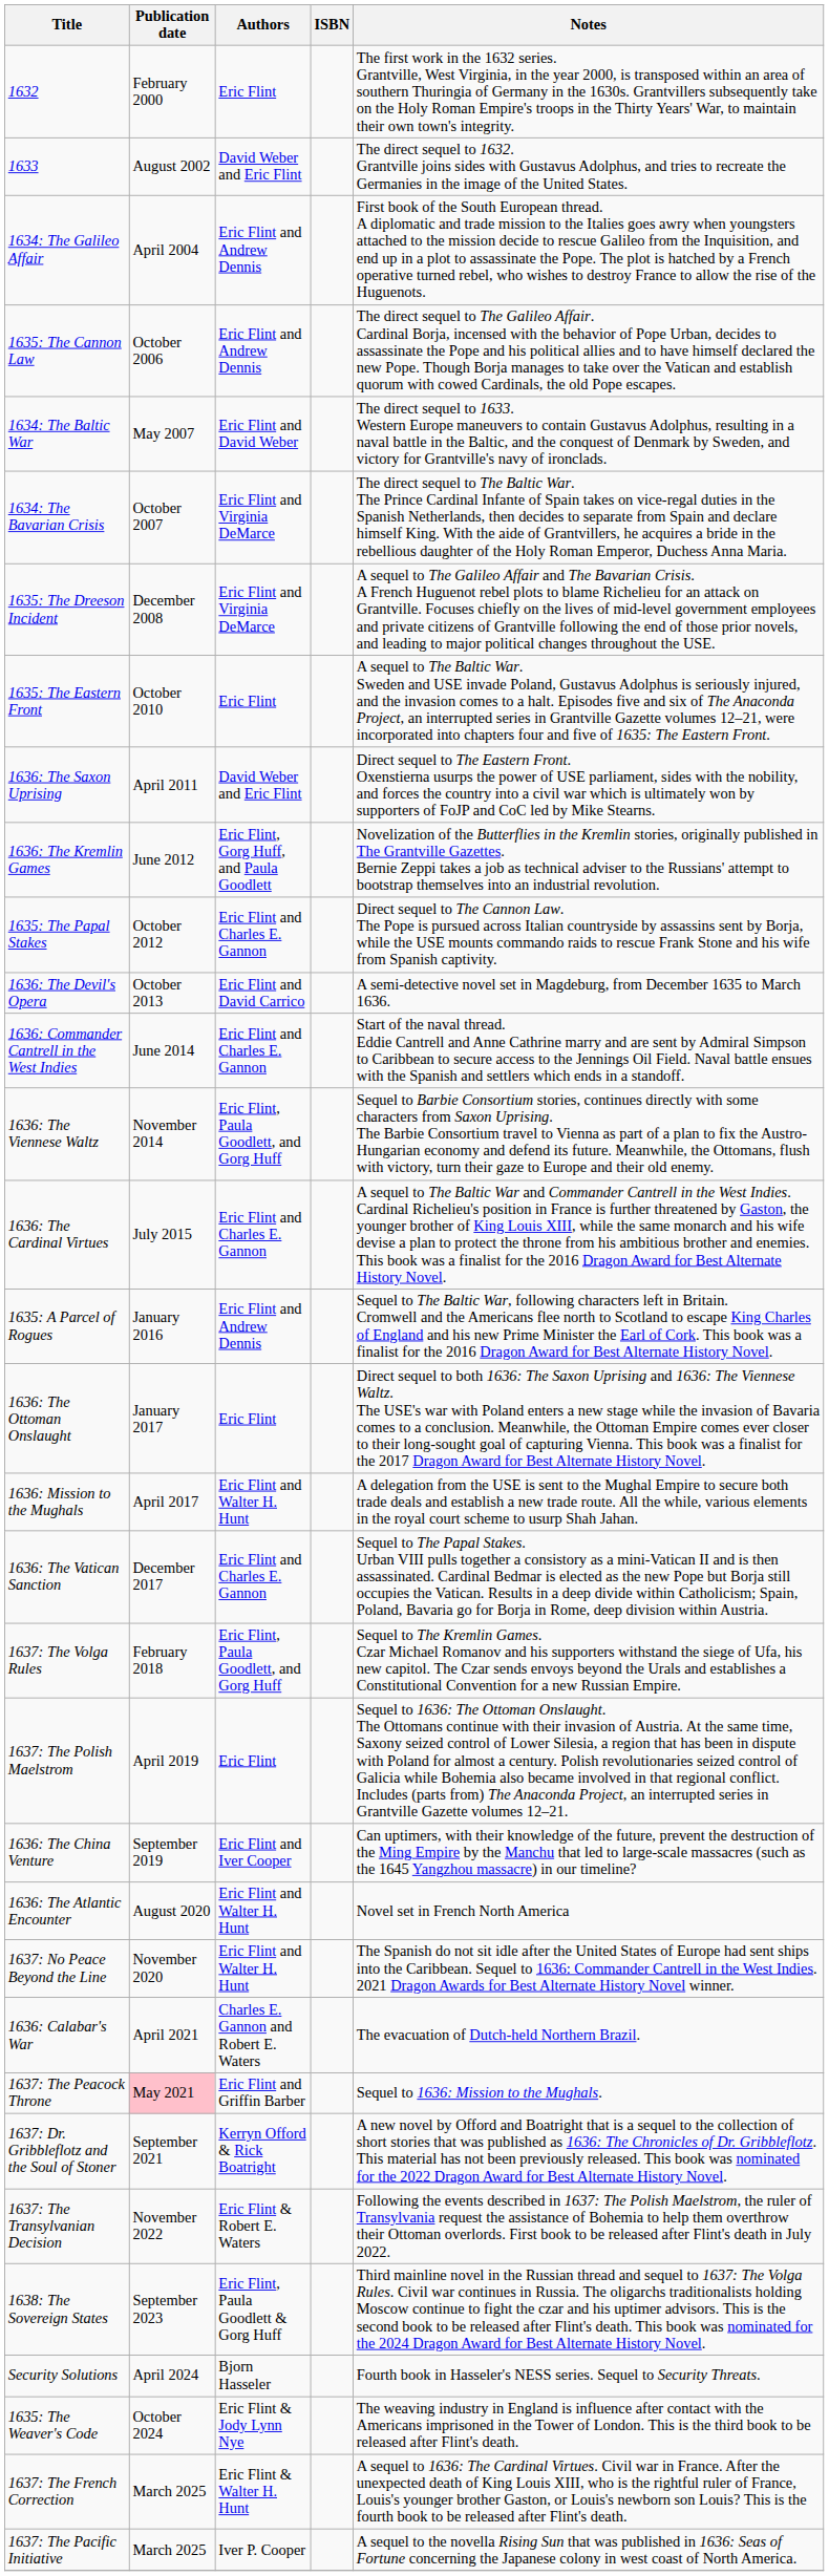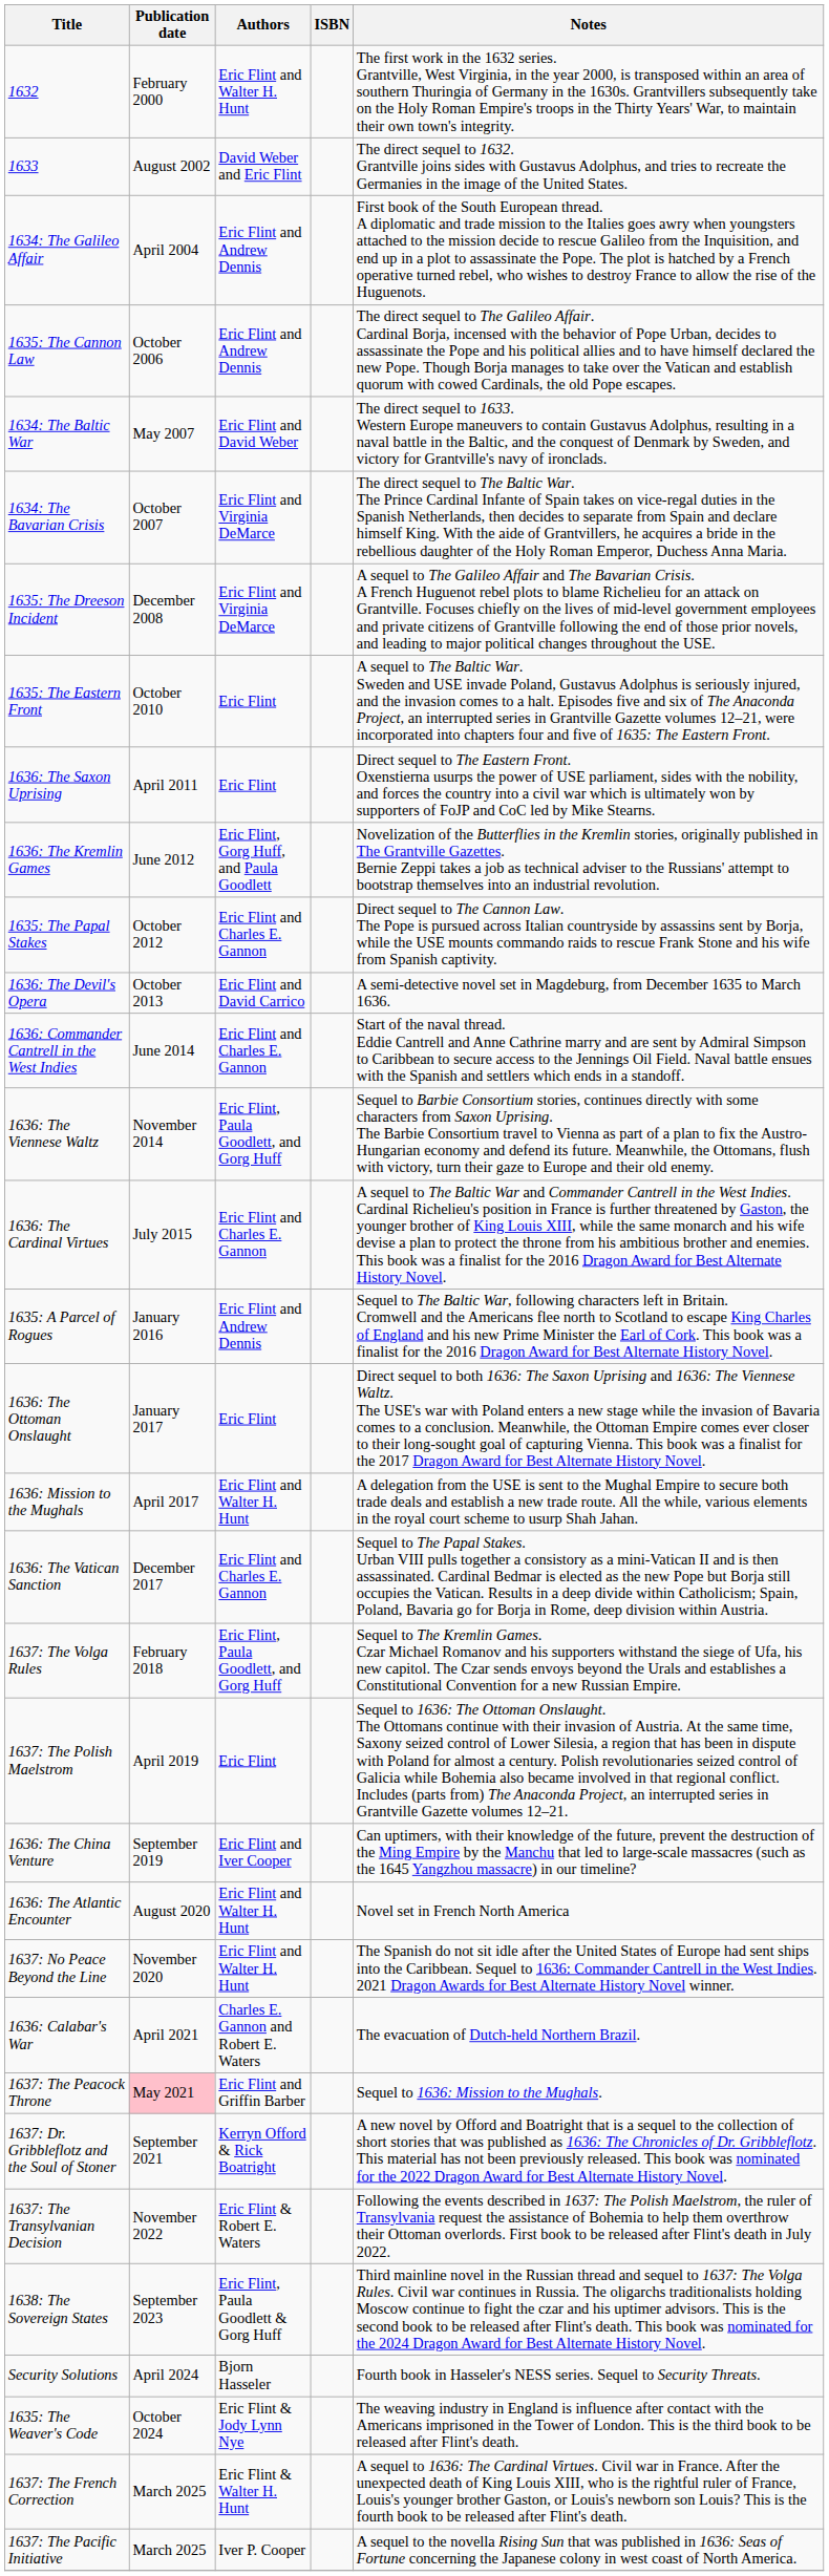 <table class="sortable wikitable">
 <tr>
 <th>Title</th>
 <th>Publication date</th>
 <th>Authors</th>
 <th>ISBN</th>
 <th>Notes</th>
 </tr>
 <tr>
 <td><a href='#'><em>1632</em></a></td>
 <td>February 2000</td>
-<td><a href='#'>Eric Flint</a></td>
+<td><a href='#'>Eric Flint</a> and <a href='#'>Walter H. Hunt</a></td>
 <td></td>
 <td>The first work in the 1632 series.<br>Grantville, West Virginia, in the year 2000, is transposed within an area of southern Thuringia of Germany in the 1630s. Grantvillers subsequently take on the Holy Roman Empire's troops in the Thirty Years' War, to maintain their own town's integrity.</td>
 </tr>
 <tr>
 <td><a href='#'><em>1633</em></a></td>
 <td>August 2002</td>
 <td><a href='#'>David Weber</a> and <a href='#'>Eric Flint</a></td>
 <td></td>
 <td>The direct sequel to <em>1632</em>.<br>Grantville joins sides with Gustavus Adolphus, and tries to recreate the Germanies in the image of the United States.</td>
 </tr>
 <tr>
 <td><em><a href='#'>1634: The Galileo Affair</a></em></td>
 <td>April 2004</td>
 <td><a href='#'>Eric Flint</a> and <a href='#'>Andrew Dennis</a></td>
 <td></td>
 <td>First book of the South European thread.<br>A diplomatic and trade mission to the Italies goes awry when youngsters attached to the mission decide to rescue Galileo from the Inquisition, and end up in a plot to assassinate the Pope. The plot is hatched by a French operative turned rebel, who wishes to destroy France to allow the rise of the Huguenots.</td>
 </tr>
 <tr>
 <td><em><a href='#'>1635: The Cannon Law</a></em></td>
 <td>October 2006</td>
 <td><a href='#'>Eric Flint</a> and <a href='#'>Andrew Dennis</a></td>
 <td></td>
 <td>The direct sequel to <em>The Galileo Affair</em>.<br>Cardinal Borja, incensed with the behavior of Pope Urban, decides to assassinate the Pope and his political allies and to have himself declared the new Pope. Though Borja manages to take over the Vatican and establish quorum with cowed Cardinals, the old Pope escapes.</td>
 </tr>
 <tr>
 <td><em><a href='#'>1634: The Baltic War</a></em></td>
 <td>May 2007</td>
 <td><a href='#'>Eric Flint</a> and <a href='#'>David Weber</a></td>
 <td></td>
 <td>The direct sequel to <em>1633</em>.<br>Western Europe maneuvers to contain Gustavus Adolphus, resulting in a naval battle in the Baltic, and the conquest of Denmark by Sweden, and victory for Grantville's navy of ironclads.</td>
 </tr>
 <tr>
 <td><em><a href='#'>1634: The Bavarian Crisis</a></em></td>
 <td>October 2007</td>
 <td><a href='#'>Eric Flint</a> and <a href='#'>Virginia DeMarce</a></td>
 <td></td>
 <td>The direct sequel to <em>The Baltic War</em>.<br>The Prince Cardinal Infante of Spain takes on vice-regal duties in the Spanish Netherlands, then decides to separate from Spain and declare himself King. With the aide of Grantvillers, he acquires a bride in the rebellious daughter of the Holy Roman Emperor, Duchess Anna Maria.</td>
 </tr>
 <tr>
 <td><em><a href='#'>1635: The Dreeson Incident</a></em></td>
 <td>December 2008</td>
 <td><a href='#'>Eric Flint</a> and <a href='#'>Virginia DeMarce</a></td>
 <td></td>
 <td>A sequel to <em>The Galileo Affair</em> and <em>The Bavarian Crisis</em>.<br>A French Huguenot rebel plots to blame Richelieu for an attack on Grantville.  Focuses chiefly on the lives of mid-level government employees and private citizens of Grantville following the end of those prior novels, and leading to major political changes throughout the USE.</td>
 </tr>
 <tr>
 <td><em><a href='#'>1635: The Eastern Front</a></em></td>
 <td>October 2010</td>
 <td><a href='#'>Eric Flint</a></td>
 <td></td>
 <td>A sequel to <em>The Baltic War</em>.<br>Sweden and USE invade Poland, Gustavus Adolphus is seriously injured, and the invasion comes to a halt. Episodes five and six of <em>The Anaconda Project</em>, an interrupted series in Grantville Gazette volumes 12–21, were incorporated into chapters four and five of <em>1635: The Eastern Front</em>.</td>
 </tr>
 <tr>
 <td><em><a href='#'>1636: The Saxon Uprising</a></em></td>
 <td>April 2011</td>
-<td><a href='#'>David Weber</a> and <a href='#'>Eric Flint</a></td>
+<td><a href='#'>Eric Flint</a></td>
 <td></td>
 <td>Direct sequel to <em>The Eastern Front</em>.<br>Oxenstierna usurps the power of USE parliament, sides with the nobility, and forces the country into a civil war which is ultimately won by supporters of FoJP and CoC led by Mike Stearns.</td>
 </tr>
 <tr>
 <td><em><a href='#'>1636: The Kremlin Games</a></em></td>
 <td>June 2012</td>
 <td><a href='#'>Eric Flint</a>, <a href='#'>Gorg Huff</a>, and <a href='#'>Paula Goodlett</a></td>
 <td></td>
 <td>Novelization of the <em>Butterflies in the Kremlin</em> stories, originally published in <a href='#'>The Grantville Gazettes</a>.<br>Bernie Zeppi takes a job as technical adviser to the Russians' attempt to bootstrap themselves into an industrial revolution.</td>
 </tr>
 <tr>
 <td><em><a href='#'>1635: The Papal Stakes</a></em></td>
 <td>October 2012</td>
 <td><a href='#'>Eric Flint</a> and <a href='#'>Charles E. Gannon</a></td>
 <td></td>
 <td>Direct sequel to <em>The Cannon Law</em>.<br>The Pope is pursued across Italian countryside by assassins sent by Borja, while the USE mounts commando raids to rescue Frank Stone and his wife from Spanish captivity.</td>
 </tr>
 <tr>
 <td><em><a href='#'>1636: The Devil's Opera</a></em></td>
 <td>October 2013</td>
 <td><a href='#'>Eric Flint</a> and <a href='#'>David Carrico</a></td>
 <td></td>
 <td>A semi-detective novel set in Magdeburg, from December 1635 to March 1636.</td>
 </tr>
 <tr>
 <td><em><a href='#'>1636: Commander Cantrell in the West Indies</a></em></td>
 <td>June 2014</td>
 <td><a href='#'>Eric Flint</a> and <a href='#'>Charles E. Gannon</a></td>
 <td></td>
 <td>Start of the naval thread.<br>Eddie Cantrell and Anne Cathrine marry and are sent by Admiral Simpson to Caribbean to secure access to the Jennings Oil Field. Naval battle ensues with the Spanish and settlers which ends in a standoff.</td>
 </tr>
 <tr>
 <td><em>1636: The Viennese Waltz</em></td>
 <td>November 2014</td>
 <td><a href='#'>Eric Flint</a>, <a href='#'>Paula Goodlett</a>, and <a href='#'>Gorg Huff</a></td>
 <td></td>
 <td>Sequel to <em>Barbie Consortium</em> stories, continues directly with some characters from <em>Saxon Uprising</em>.<br>The Barbie Consortium travel to Vienna as part of a plan to fix the Austro-Hungarian economy and defend its future. Meanwhile, the Ottomans, flush with victory, turn their gaze to Europe and their old enemy. </td>
 </tr>
 <tr>
 <td><em>1636: The Cardinal Virtues</em></td>
 <td>July 2015</td>
 <td><a href='#'>Eric Flint</a> and <a href='#'>Charles E. Gannon</a></td>
 <td></td>
 <td>A sequel to <em>The Baltic War</em> and <em>Commander Cantrell in the West Indies</em>.<br>Cardinal Richelieu's position in France is further threatened by <a href='#'>Gaston</a>, the younger brother of <a href='#'>King Louis XIII</a>, while the same monarch and his wife devise a plan to protect the throne from his ambitious brother and enemies. This book was a finalist for the 2016 <a href='#'>Dragon Award for Best Alternate History Novel</a>. </td>
 </tr>
 <tr>
 <td><em>1635: A Parcel of Rogues</em></td>
 <td>January 2016</td>
 <td><a href='#'>Eric Flint</a> and <a href='#'>Andrew Dennis</a></td>
 <td></td>
 <td>Sequel to <em>The Baltic War</em>, following characters left in Britain.<br>Cromwell and the Americans flee north to Scotland to escape <a href='#'>King Charles of England</a> and his new Prime Minister the <a href='#'>Earl of Cork</a>. This book was a finalist for the 2016 <a href='#'>Dragon Award for Best Alternate History Novel</a>. </td>
 </tr>
 <tr>
 <td><em>1636: The Ottoman Onslaught</em></td>
 <td>January 2017</td>
 <td><a href='#'>Eric Flint</a></td>
 <td></td>
 <td>Direct sequel to both <em>1636: The Saxon Uprising</em> and <em>1636: The Viennese Waltz</em>.<br>The USE's war with Poland enters a new stage while the invasion of Bavaria comes to a conclusion. Meanwhile, the Ottoman Empire comes ever closer to their long-sought goal of capturing Vienna. This book was a finalist for the 2017 <a href='#'>Dragon Award for Best Alternate History Novel</a>. </td>
 </tr>
 <tr>
 <td><em>1636: Mission to the Mughals</em></td>
 <td>April 2017</td>
 <td><a href='#'>Eric Flint</a> and <a href='#'>Walter H. Hunt</a></td>
 <td></td>
 <td>A delegation from the USE is sent to the Mughal Empire to secure both trade deals and establish a new trade route. All the while, various elements in the royal court scheme to usurp Shah Jahan.<br></td>
 </tr>
 <tr>
 <td><em>1636: The Vatican Sanction</em></td>
 <td>December 2017</td>
 <td><a href='#'>Eric Flint</a> and <a href='#'>Charles E. Gannon</a></td>
 <td></td>
 <td>Sequel to <em>The Papal Stakes</em>.<br>Urban VIII pulls together a consistory as a mini-Vatican II and is then assassinated. Cardinal Bedmar is elected as the new Pope but Borja still occupies the Vatican. Results in a deep divide within Catholicism; Spain, Poland, Bavaria go for Borja in Rome, deep division within Austria. </td>
 </tr>
 <tr>
 <td><em>1637: The Volga Rules</em></td>
 <td>February 2018</td>
 <td><a href='#'>Eric Flint</a>, <a href='#'>Paula Goodlett</a>, and <a href='#'>Gorg Huff</a></td>
 <td></td>
 <td>Sequel to <em>The Kremlin Games</em>.<br>Czar Michael Romanov and his supporters withstand the siege of Ufa, his new capitol. The Czar sends envoys beyond the Urals and establishes a Constitutional Convention for a new Russian Empire. </td>
 </tr>
 <tr>
 <td><em>1637: The Polish Maelstrom</em></td>
 <td>April 2019</td>
 <td><a href='#'>Eric Flint</a></td>
 <td></td>
 <td>Sequel to <em>1636: The Ottoman Onslaught</em>.<br>The Ottomans continue with their invasion of Austria. At the same time, Saxony seized control of Lower Silesia, a region that has been in dispute with Poland for almost a century. Polish revolutionaries seized control of Galicia while Bohemia also became involved in that regional conflict. Includes (parts from) <em>The Anaconda Project</em>, an interrupted series in Grantville Gazette volumes 12–21. </td>
 </tr>
 <tr>
 <td><em>1636: The China Venture</em></td>
 <td>September 2019</td>
 <td><a href='#'>Eric Flint</a> and <a href='#'>Iver Cooper</a></td>
 <td></td>
 <td>Can uptimers, with their knowledge of the future, prevent the destruction of the <a href='#'>Ming Empire</a> by the <a href='#'>Manchu</a> that led to large-scale massacres (such as the 1645 <a href='#'>Yangzhou massacre</a>) in our timeline?<br></td>
 </tr>
 <tr>
 <td><em>1636: The Atlantic Encounter</em></td>
 <td>August 2020</td>
 <td><a href='#'>Eric Flint</a> and <a href='#'>Walter H. Hunt</a></td>
 <td></td>
 <td>Novel set in French North America<br></td>
 </tr>
 <tr>
 <td><em>1637: No Peace Beyond the Line</em></td>
 <td>November 2020</td>
 <td><a href='#'>Eric Flint</a> and <a href='#'>Walter H. Hunt</a></td>
 <td></td>
 <td>The Spanish do not sit idle after the United States of Europe had sent ships into the Caribbean.  Sequel to <a href='#'>1636: Commander Cantrell in the West Indies</a>. 2021 <a href='#'>Dragon Awards for Best Alternate History Novel</a> winner.<br></td>
 </tr>
 <tr>
 <td><em>1636: Calabar's War</em></td>
 <td>April 2021</td>
 <td><a href='#'>Charles E. Gannon</a> and Robert E. Waters</td>
 <td></td>
 <td>The evacuation of <a href='#'>Dutch-held Northern Brazil</a>.<br></td>
 </tr>
 <tr>
 <td><em>1637: The Peacock Throne</em></td>
 <td style="background: pink;">May 2021</td>
 <td><a href='#'>Eric Flint</a> and Griffin Barber</td>
 <td></td>
 <td>Sequel to <em><a href='#'>1636: Mission to the Mughals</a></em>.<br></td>
 </tr>
 <tr>
 <td><em>1637: Dr. Gribbleflotz and the Soul of Stoner</em></td>
 <td>September 2021</td>
 <td><a href='#'>Kerryn Offord</a> & <a href='#'>Rick Boatright</a></td>
 <td></td>
 <td>A new novel by Offord and Boatright that is a sequel to the collection of short stories that was published as <em><a href='#'>1636: The Chronicles of Dr. Gribbleflotz</a></em>. This material has not been previously released. This book was <a href='#'>nominated for the 2022 Dragon Award for Best Alternate History Novel</a>.<br></td>
 </tr>
 <tr>
 <td><em>1637: The Transylvanian Decision</em></td>
 <td>November 2022</td>
 <td><a href='#'>Eric Flint</a> & Robert E. Waters</td>
 <td></td>
 <td>Following the events described in <em>1637: The Polish Maelstrom</em>, the ruler of <a href='#'>Transylvania</a> request the assistance of Bohemia to help them overthrow their Ottoman overlords. First book to be released after Flint's death in July 2022.<br></td>
 </tr>
 <tr>
 <td><em>1638: The Sovereign States</em></td>
 <td>September 2023</td>
 <td><a href='#'>Eric Flint</a>, Paula Goodlett & Gorg Huff</td>
 <td></td>
 <td>Third mainline novel in the Russian thread and sequel to <em>1637: The Volga Rules</em>. Civil war continues in Russia. The oligarchs traditionalists holding Moscow continue to fight the czar and his uptimer advisors. This is the second book to be released after Flint's death. This book was <a href='#'>nominated for the 2024 Dragon Award for Best Alternate History Novel</a>.<br></td>
 </tr>
 <tr>
 <td><em>Security Solutions</em></td>
 <td>April 2024</td>
 <td>Bjorn Hasseler</td>
 <td></td>
 <td>Fourth book in Hasseler's NESS series. Sequel to <em>Security Threats</em>.<br></td>
 </tr>
 <tr>
 <td><em>1635: The Weaver's Code</em></td>
 <td>October 2024</td>
 <td>Eric Flint & <a href='#'>Jody Lynn Nye</a></td>
 <td></td>
 <td>The weaving industry in England is influence after contact with the Americans imprisoned in the Tower of London. This is the third book to be released after Flint's death.<br></td>
 </tr>
 <tr>
 <td><em>1637: The French Correction</em></td>
 <td>March 2025</td>
 <td>Eric Flint & <a href='#'>Walter H. Hunt</a></td>
 <td></td>
 <td>A sequel to <em>1636: The Cardinal Virtues</em>. Civil war in France.  After the unexpected death of King Louis XIII, who is the rightful ruler of France, Louis's younger brother Gaston, or Louis's newborn son Louis? This is the fourth book to be released after Flint's death.<br></td>
 </tr>
 <tr>
 <td><em>1637: The Pacific Initiative</em></td>
 <td>March 2025</td>
 <td>Iver P. Cooper</td>
 <td></td>
 <td>A sequel to the novella <em>Rising Sun</em> that was published in <em>1636: Seas of Fortune</em> concerning the Japanese colony in west coast of North America.<br></td>
 </tr>
 <tr>
 </tr>
 </table>
